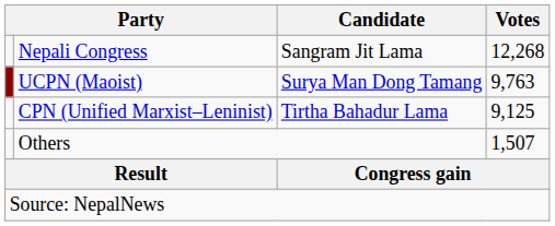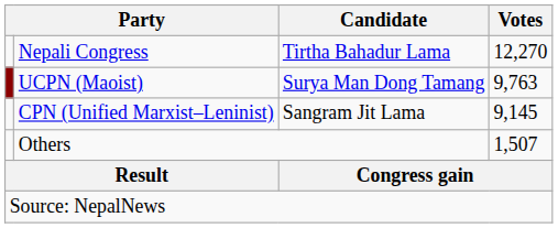 <table class="wikitable">
 <tr>
 <th colspan="2">Party</th>
 <th>Candidate</th>
 <th>Votes</th>
 </tr>
 <tr>
 <td style="background-color:"></td>
 <td><a href='#'>Nepali Congress</a></td>
-<td>Sangram Jit Lama</td>
-<td>12,268</td>
+<td><a href='#'>Tirtha Bahadur Lama</a></td>
+<td>12,270</td>
 </tr>
 <tr>
 <td style="background-color:darkred"></td>
 <td><a href='#'>UCPN (Maoist)</a></td>
 <td><a href='#'>Surya Man Dong Tamang</a></td>
 <td>9,763</td>
 </tr>
 <tr>
 <td style="background-color:"></td>
 <td><a href='#'>CPN (Unified Marxist–Leninist)</a></td>
-<td><a href='#'>Tirtha Bahadur Lama</a></td>
-<td>9,125</td>
+<td>Sangram Jit Lama</td>
+<td>9,145</td>
 </tr>
 <tr>
 <td></td>
 <td colspan="2">Others</td>
 <td>1,507</td>
 </tr>
 <tr>
 <th colspan="2">Result</th>
 <th colspan="2">Congress gain</th>
 </tr>
 <tr>
 <td colspan="4">Source: NepalNews</td>
 </tr>
 </table>
